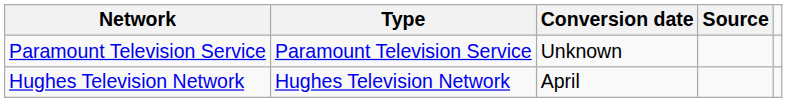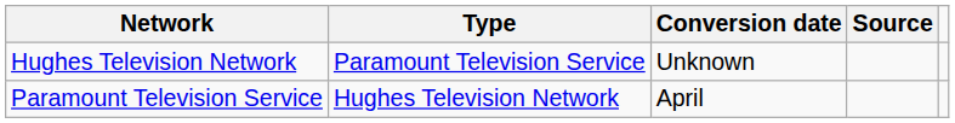 <table class="wikitable sortable">
 <tr>
 <th>Network</th>
 <th>Type</th>
 <th>Conversion date</th>
 <th>Source</th>
 </tr>
 <tr>
-<td><a href='#'>Paramount Television Service</a></td>
+<td><a href='#'>Hughes Television Network</a></td>
 <td><a href='#'>Paramount Television Service</a></td>
 <td>Unknown</td>
 <td></td>
 <td></td>
 </tr>
 <tr>
-<td><a href='#'>Hughes Television Network</a></td>
+<td><a href='#'>Paramount Television Service</a></td>
 <td><a href='#'>Hughes Television Network</a></td>
 <td>April</td>
 <td></td>
 <td></td>
 </tr>
 </table>
